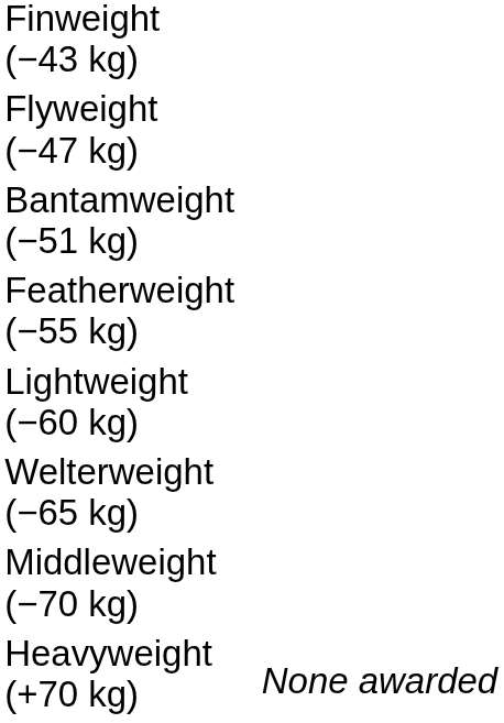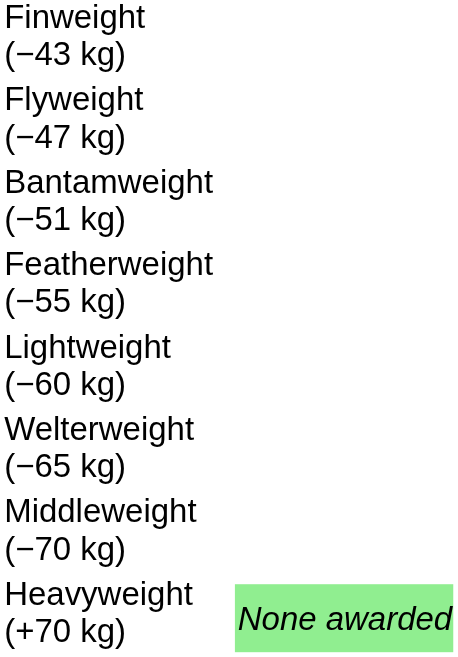 <table>
 <tr>
 <td rowspan=2>Finweight<br>(−43 kg)</td>
 <td rowspan=2></td>
 <td rowspan=2></td>
 <td></td>
 </tr>
 <tr>
 <td></td>
 </tr>
 <tr>
 <td rowspan=2>Flyweight<br>(−47 kg)</td>
 <td rowspan=2></td>
 <td rowspan=2></td>
 <td></td>
 </tr>
 <tr>
 <td></td>
 </tr>
 <tr>
 <td rowspan=2>Bantamweight<br>(−51 kg)</td>
 <td rowspan=2></td>
 <td rowspan=2></td>
 <td></td>
 </tr>
 <tr>
 <td></td>
 </tr>
 <tr>
 <td rowspan=2>Featherweight<br>(−55 kg)</td>
 <td rowspan=2></td>
 <td rowspan=2></td>
 <td></td>
 </tr>
 <tr>
 <td></td>
 </tr>
 <tr>
 <td rowspan=2>Lightweight<br>(−60 kg)</td>
 <td rowspan=2></td>
 <td rowspan=2></td>
 <td></td>
 </tr>
 <tr>
 <td></td>
 </tr>
 <tr>
 <td rowspan=2>Welterweight<br>(−65 kg)</td>
 <td rowspan=2></td>
 <td rowspan=2></td>
 <td></td>
 </tr>
 <tr>
 <td></td>
 </tr>
 <tr>
 <td rowspan=2>Middleweight<br>(−70 kg)</td>
 <td rowspan=2></td>
 <td rowspan=2></td>
 <td></td>
 </tr>
 <tr>
 <td></td>
 </tr>
 <tr>
 <td rowspan=2>Heavyweight<br>(+70 kg)</td>
 <td rowspan=2></td>
 <td rowspan=2></td>
 <td></td>
 </tr>
 <tr>
-<td><em>None awarded</em></td>
+<td style="background: lightgreen;"><em>None awarded</em></td>
 </tr>
 </table>
